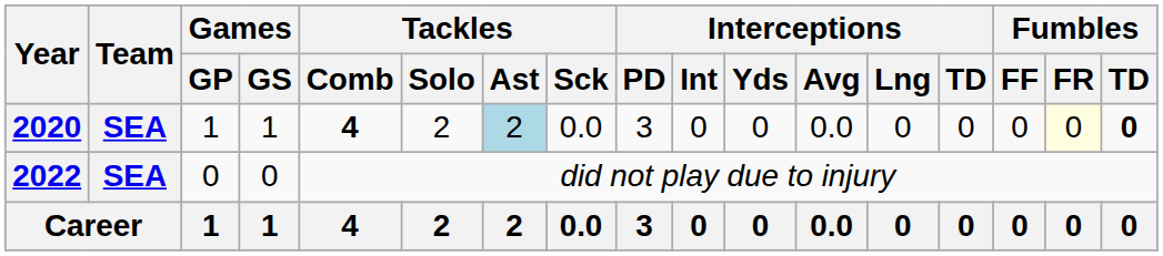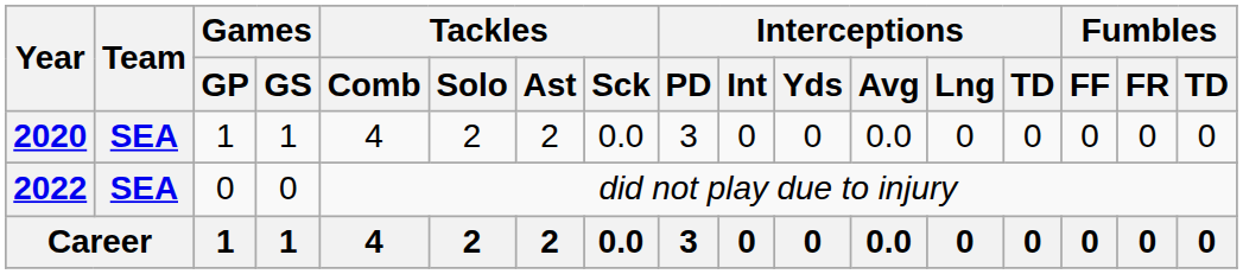 <table class="wikitable" style="text-align:center;">
 <tr>
 <th rowspan="2">Year</th>
 <th rowspan="2">Team</th>
 <th colspan="2">Games</th>
 <th colspan="4">Tackles</th>
 <th colspan="6">Interceptions</th>
 <th colspan="3">Fumbles</th>
 </tr>
 <tr>
 <th>GP</th>
 <th>GS</th>
 <th>Comb</th>
 <th>Solo</th>
 <th>Ast</th>
 <th>Sck</th>
 <th>PD</th>
 <th>Int</th>
 <th>Yds</th>
 <th>Avg</th>
 <th>Lng</th>
 <th>TD</th>
 <th>FF</th>
 <th>FR</th>
 <th>TD</th>
 </tr>
 <tr>
 <th><a href='#'>2020</a></th>
 <th><a href='#'>SEA</a></th>
 <td>1</td>
 <td>1</td>
-<td><strong>4</strong></td>
+<td>4</td>
 <td>2</td>
-<td style="background: lightblue;">2</td>
+<td>2</td>
 <td>0.0</td>
 <td>3</td>
 <td>0</td>
 <td>0</td>
 <td>0.0</td>
 <td>0</td>
 <td>0</td>
 <td>0</td>
-<td style="background: lightyellow;">0</td>
-<td><strong>0</strong></td>
+<td>0</td>
+<td>0</td>
 </tr>
 <tr>
 <th><a href='#'>2022</a></th>
 <th><a href='#'>SEA</a></th>
 <td>0</td>
 <td>0</td>
 <td colspan="13"><em>did not play due to injury</em></td>
 </tr>
 <tr>
 <th colspan="2">Career</th>
 <th>1</th>
 <th>1</th>
 <th>4</th>
 <th>2</th>
 <th>2</th>
 <th>0.0</th>
 <th>3</th>
 <th>0</th>
 <th>0</th>
 <th>0.0</th>
 <th>0</th>
 <th>0</th>
 <th>0</th>
 <th>0</th>
 <th>0</th>
 </tr>
 </table>
